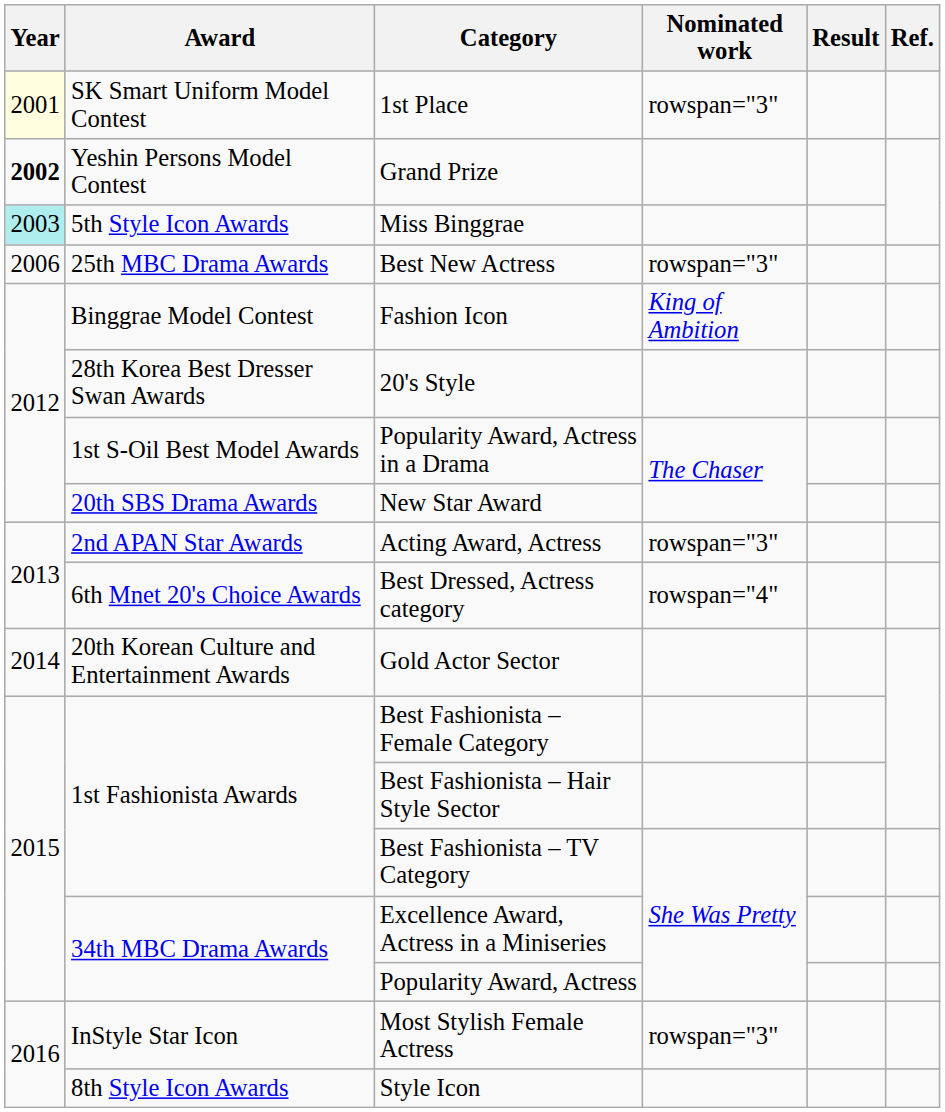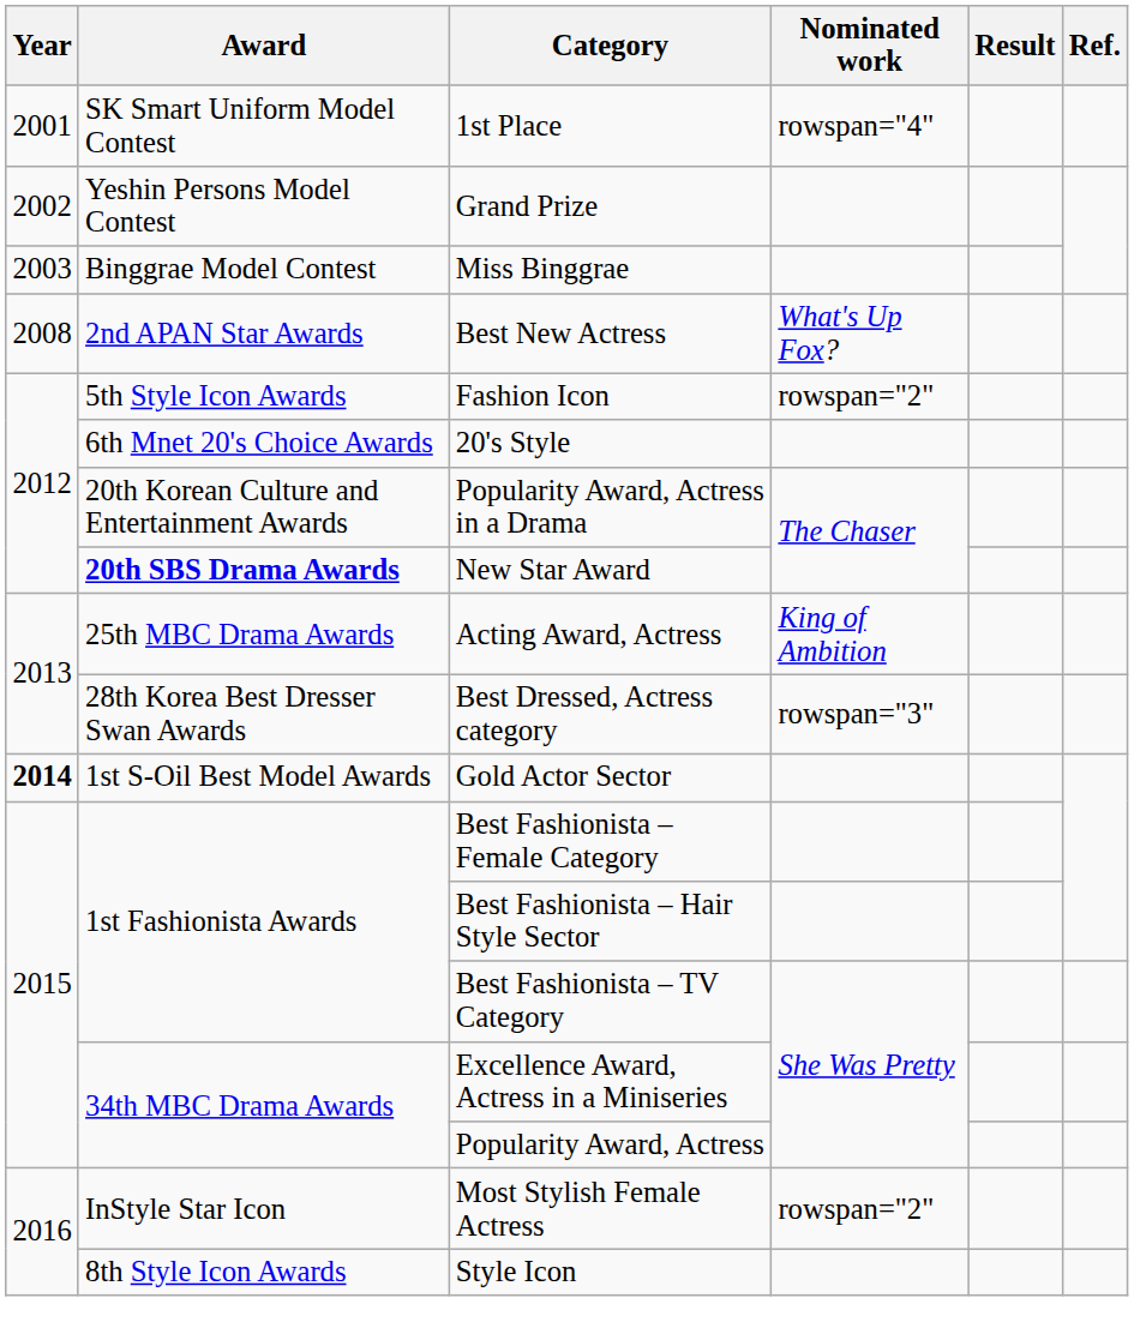 <table class="wikitable">
 <tr>
 <th>Year</th>
 <th>Award</th>
 <th>Category</th>
 <th>Nominated work</th>
 <th>Result</th>
 <th>Ref.</th>
 </tr>
 <tr>
-<td style="background: lightyellow;">2001</td>
+<td>2001</td>
 <td>SK Smart Uniform Model Contest</td>
 <td>1st Place</td>
-<td>rowspan="3" </td>
+<td>rowspan="4" </td>
 <td></td>
 <td></td>
 </tr>
 <tr>
-<td><strong>2002</strong></td>
+<td>2002</td>
 <td>Yeshin Persons Model Contest</td>
 <td>Grand Prize</td>
 <td></td>
 <td></td>
 </tr>
 <tr>
-<td style="background: paleturquoise;">2003</td>
-<td>5th <a href='#'>Style Icon Awards</a></td>
+<td>2003</td>
+<td>Binggrae Model Contest</td>
 <td>Miss Binggrae</td>
 <td></td>
 <td></td>
 </tr>
 <tr>
-<td>2006</td>
-<td>25th <a href='#'>MBC Drama Awards</a></td>
+<td>2008</td>
+<td><a href='#'>2nd APAN Star Awards</a></td>
 <td>Best New Actress</td>
-<td>rowspan="3" </td>
+<td><em><a href='#'>What's Up Fox</a>?</em></td>
 <td></td>
 <td></td>
 </tr>
 <tr>
 <td rowspan="4">2012</td>
-<td>Binggrae Model Contest</td>
+<td>5th <a href='#'>Style Icon Awards</a></td>
 <td>Fashion Icon</td>
+<td>rowspan="2" </td>
+<td></td>
+<td></td>
+</tr>
+<tr>
+<td>6th <a href='#'>Mnet 20's Choice Awards</a></td>
+<td>20's Style</td>
+<td></td>
+<td></td>
+</tr>
+<tr>
+<td>20th Korean Culture and Entertainment Awards</td>
+<td>Popularity Award, Actress in a Drama</td>
+<td rowspan="2"><em><a href='#'>The Chaser</a></em></td>
+<td></td>
+<td></td>
+</tr>
+<tr>
+<td><strong><a href='#'>20th SBS Drama Awards</a></strong></td>
+<td>New Star Award</td>
+<td></td>
+<td></td>
+</tr>
+<tr>
+<td rowspan="2">2013</td>
+<td>25th <a href='#'>MBC Drama Awards</a></td>
+<td>Acting Award, Actress</td>
 <td><em><a href='#'>King of Ambition</a></em></td>
 <td></td>
 <td></td>
 </tr>
 <tr>
 <td>28th Korea Best Dresser Swan Awards</td>
-<td>20's Style</td>
-<td></td>
-<td></td>
-</tr>
-<tr>
-<td>1st S-Oil Best Model Awards</td>
-<td>Popularity Award, Actress in a Drama</td>
-<td rowspan="2"><em><a href='#'>The Chaser</a></em></td>
-<td></td>
-<td></td>
-</tr>
-<tr>
-<td><a href='#'>20th SBS Drama Awards</a></td>
-<td>New Star Award</td>
-<td></td>
-<td></td>
-</tr>
-<tr>
-<td rowspan="2">2013</td>
-<td><a href='#'>2nd APAN Star Awards</a></td>
-<td>Acting Award, Actress</td>
+<td>Best Dressed, Actress category</td>
 <td>rowspan="3" </td>
 <td></td>
 <td></td>
 </tr>
 <tr>
-<td>6th <a href='#'>Mnet 20's Choice Awards</a></td>
-<td>Best Dressed, Actress category</td>
-<td>rowspan="4" </td>
-<td></td>
-<td></td>
-</tr>
-<tr>
-<td>2014</td>
-<td>20th Korean Culture and Entertainment Awards</td>
+<td><strong>2014</strong></td>
+<td>1st S-Oil Best Model Awards</td>
 <td>Gold Actor Sector</td>
 <td></td>
 <td></td>
 </tr>
 <tr>
 <td rowspan="5">2015</td>
 <td rowspan="3">1st Fashionista Awards</td>
 <td>Best Fashionista – Female Category</td>
 <td></td>
 <td></td>
 </tr>
 <tr>
 <td>Best Fashionista – Hair Style Sector</td>
 <td></td>
 <td></td>
 </tr>
 <tr>
 <td>Best Fashionista – TV Category</td>
 <td rowspan="3"><em><a href='#'>She Was Pretty</a></em></td>
 <td></td>
 <td></td>
 </tr>
 <tr>
 <td rowspan="2"><a href='#'>34th MBC Drama Awards</a></td>
 <td>Excellence Award, Actress in a Miniseries</td>
 <td></td>
 <td></td>
 </tr>
 <tr>
 <td>Popularity Award, Actress</td>
 <td></td>
 <td></td>
 </tr>
 <tr>
 <td rowspan="2">2016</td>
 <td>InStyle Star Icon</td>
 <td>Most Stylish Female Actress</td>
-<td>rowspan="3" </td>
+<td>rowspan="2" </td>
 <td></td>
 <td></td>
 </tr>
 <tr>
 <td>8th <a href='#'>Style Icon Awards</a></td>
 <td>Style Icon</td>
 <td></td>
 <td></td>
 </tr>
 </table>
